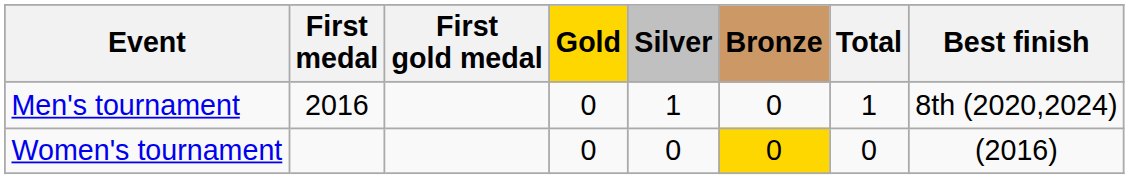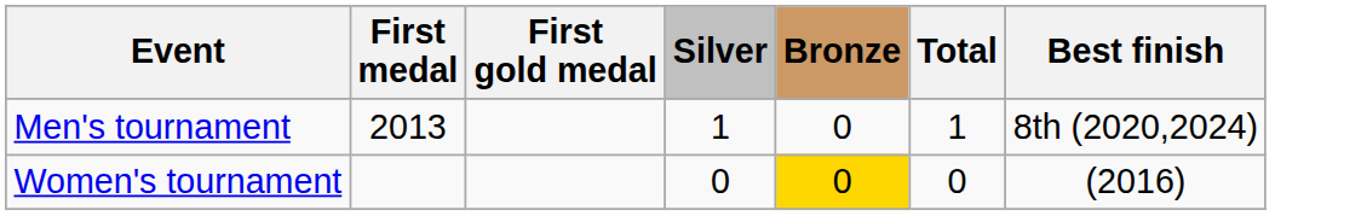 <table class="wikitable sortable" style="text-align:center">
 <tr>
 <th>Event</th>
 <th>First<br>medal</th>
 <th>First<br>gold medal</th>
-<th style="background-color:gold;">Gold</th>
 <th style="background-color:silver;">Silver</th>
 <th style="background-color:#c96;">Bronze</th>
 <th>Total</th>
 <th>Best finish</th>
 </tr>
 <tr>
 <td align=left><a href='#'>Men's tournament</a></td>
-<td>2016</td>
+<td>2013</td>
 <td></td>
-<td>0</td>
 <td>1</td>
 <td>0</td>
 <td>1</td>
 <td>8th (2020,2024)</td>
 </tr>
 <tr>
 <td align=left><a href='#'>Women's tournament</a></td>
 <td></td>
 <td></td>
 <td>0</td>
-<td>0</td>
 <td style="background: gold;">0</td>
 <td>0</td>
 <td> (2016)</td>
 </tr>
 </table>
